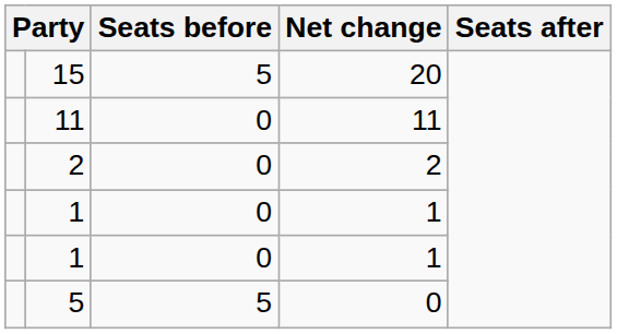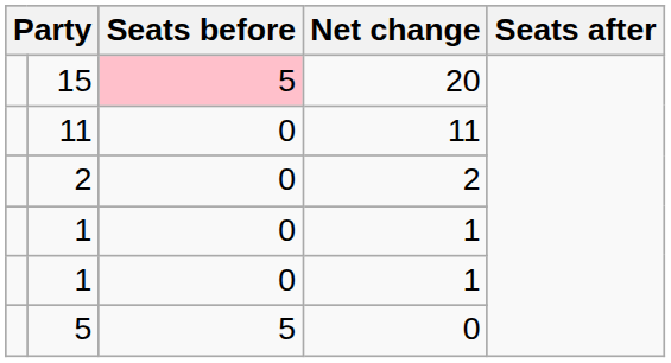 <table class=wikitable style="text-align:right">
 <tr>
 <th colspan="2">Party</th>
 <th>Seats before</th>
 <th>Net change</th>
 <th>Seats after</th>
 </tr>
 <tr>
 <td></td>
 <td>15</td>
-<td> 5</td>
+<td style="background: pink;"> 5</td>
 <td>20</td>
 </tr>
 <tr>
 <td></td>
 <td>11</td>
 <td> 0</td>
 <td>11</td>
 </tr>
 <tr>
 <td></td>
 <td>2</td>
 <td> 0</td>
 <td>2</td>
 </tr>
 <tr>
 <td></td>
 <td>1</td>
 <td> 0</td>
 <td>1</td>
 </tr>
 <tr>
 <td></td>
 <td>1</td>
 <td> 0</td>
 <td>1</td>
 </tr>
 <tr>
 <td></td>
 <td>5</td>
 <td> 5</td>
 <td>0</td>
 </tr>
 </table>
